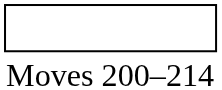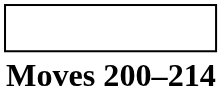 <table style="display:inline; display:inline-table;">
 <tr>
 <td style="border: solid thin; padding: 2px;"><br></td>
 </tr>
 <tr>
-<td style="text-align:center">Moves 200–214</td>
+<td style="text-align:center"><strong>Moves 200–214</strong></td>
 </tr>
 </table>
